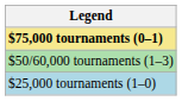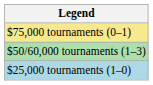 <table class="wikitable" style=font-size:85%>
 <tr>
 <th>Legend</th>
 </tr>
 <tr style="background:#f7e98e">
-<td><strong>$75,000 tournaments (0–1)</strong></td>
+<td>$75,000 tournaments (0–1)</td>
 </tr>
 <tr style="background:#addfad">
 <td>$50/60,000 tournaments (1–3)</td>
 </tr>
 <tr style=background:lightblue>
 <td>$25,000 tournaments (1–0)</td>
 </tr>
 </table>
